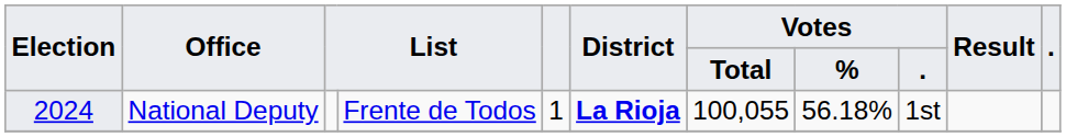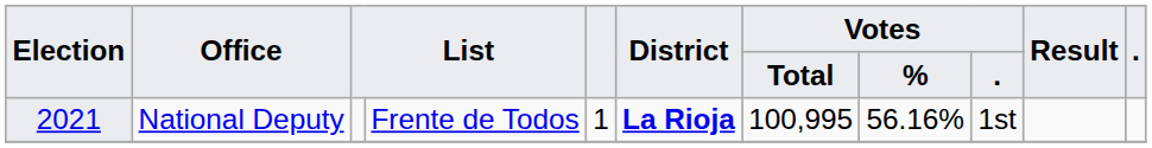 <table class="wikitable" style="font-size:90%; text-align:center;">
 <tr>
 <th style="background-color:#EAECF0;" rowspan=2>Election</th>
 <th style="background-color:#EAECF0;" rowspan=2>Office</th>
 <th style="background-color:#EAECF0;" colspan=2 rowspan=2>List</th>
 <th style="background-color:#EAECF0;" rowspan=2></th>
 <th style="background-color:#EAECF0;" rowspan=2>District</th>
 <th style="background-color:#EAECF0;" colspan=3>Votes</th>
 <th style="background-color:#EAECF0;" rowspan=2>Result</th>
 <th style="background-color:#EAECF0;" rowspan=2>.</th>
 </tr>
 <tr>
 <th style="background-color:#EAECF0;">Total</th>
 <th style="background-color:#EAECF0;">%</th>
 <th style="background-color:#EAECF0;">.</th>
 </tr>
 <tr>
-<td style="background-color:#EAECF0;"><a href='#'>2024</a></td>
+<td style="background-color:#EAECF0;"><a href='#'>2021</a></td>
 <td><a href='#'>National Deputy</a></td>
 <td style="background-color:"></td>
 <td><a href='#'>Frente de Todos</a></td>
 <td>1</td>
 <td><strong><a href='#'>La Rioja</a></strong></td>
-<td>100,055</td>
-<td>56.18%</td>
+<td>100,995</td>
+<td>56.16%</td>
 <td>1st</td>
 <td></td>
 <td></td>
 </tr>
 <tr>
 </tr>
 </table>
